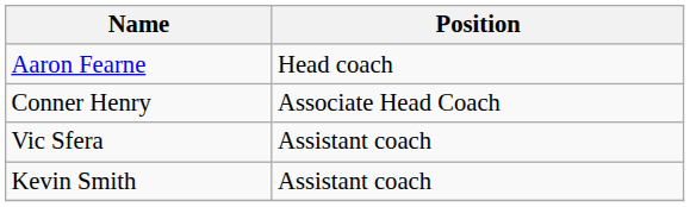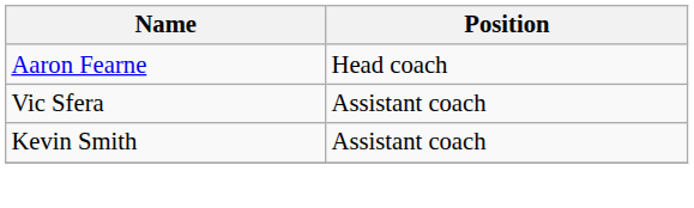 <table class="wikitable" style="width: 35%">
 <tr>
 <th>Name</th>
 <th>Position</th>
 </tr>
 <tr>
 <td><a href='#'>Aaron Fearne</a></td>
 <td>Head coach</td>
-</tr>
-<tr>
-<td>Conner Henry</td>
-<td>Associate Head Coach</td>
 </tr>
 <tr>
 <td>Vic Sfera</td>
 <td>Assistant coach</td>
 </tr>
 <tr>
 <td>Kevin Smith</td>
 <td>Assistant coach</td>
 </tr>
 <tr>
 </tr>
 </table>
